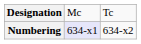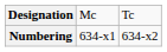 <table class="wikitable">
 <tr>
 <th>Designation</th>
 <td>Mc</td>
 <td>Tc</td>
 </tr>
 <tr>
 <th>Numbering</th>
-<td style="background: lavender;">634-x1</td>
+<td>634-x1</td>
 <td>634-x2</td>
 </tr>
 </table>
